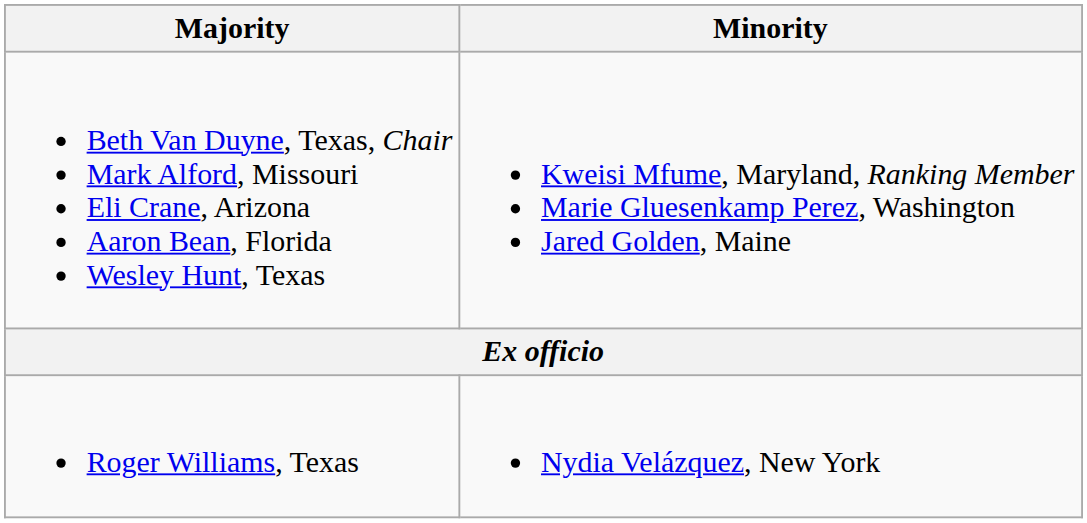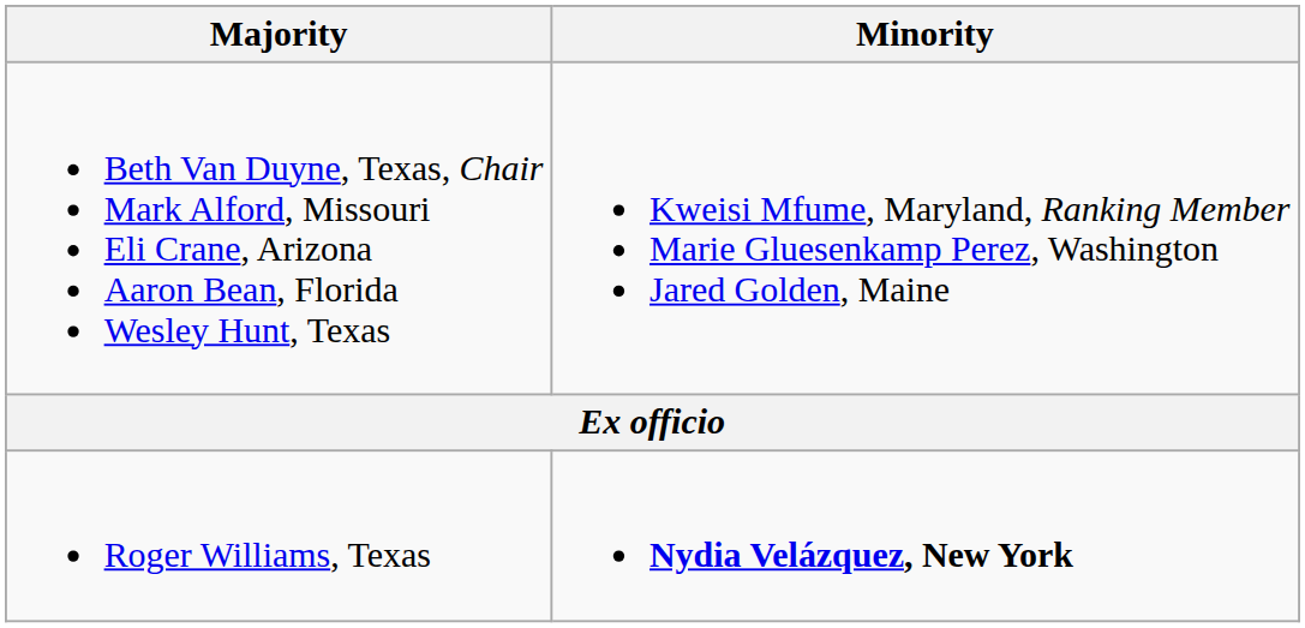 <table class=wikitable>
 <tr>
 <th>Majority</th>
 <th>Minority</th>
 </tr>
 <tr>
 <td><br><ul><li><a href='#'>Beth Van Duyne</a>, Texas, <em>Chair</em></li><li><a href='#'>Mark Alford</a>, Missouri</li><li><a href='#'>Eli Crane</a>, Arizona</li><li><a href='#'>Aaron Bean</a>, Florida</li><li><a href='#'>Wesley Hunt</a>, Texas</li></ul></td>
 <td><br><ul><li><a href='#'>Kweisi Mfume</a>, Maryland, <em>Ranking Member</em></li><li><a href='#'>Marie Gluesenkamp Perez</a>, Washington</li><li><a href='#'>Jared Golden</a>, Maine</li></ul></td>
 </tr>
 <tr>
 <th colspan=2><em>Ex officio</em></th>
 </tr>
 <tr>
 <td><br><ul><li><a href='#'>Roger Williams</a>, Texas</li></ul></td>
-<td><br><ul><li><a href='#'>Nydia Velázquez</a>, New York</li></ul></td>
+<td><strong><br><ul><li><a href='#'>Nydia Velázquez</a>, New York</li></ul></strong></td>
 </tr>
 </table>
